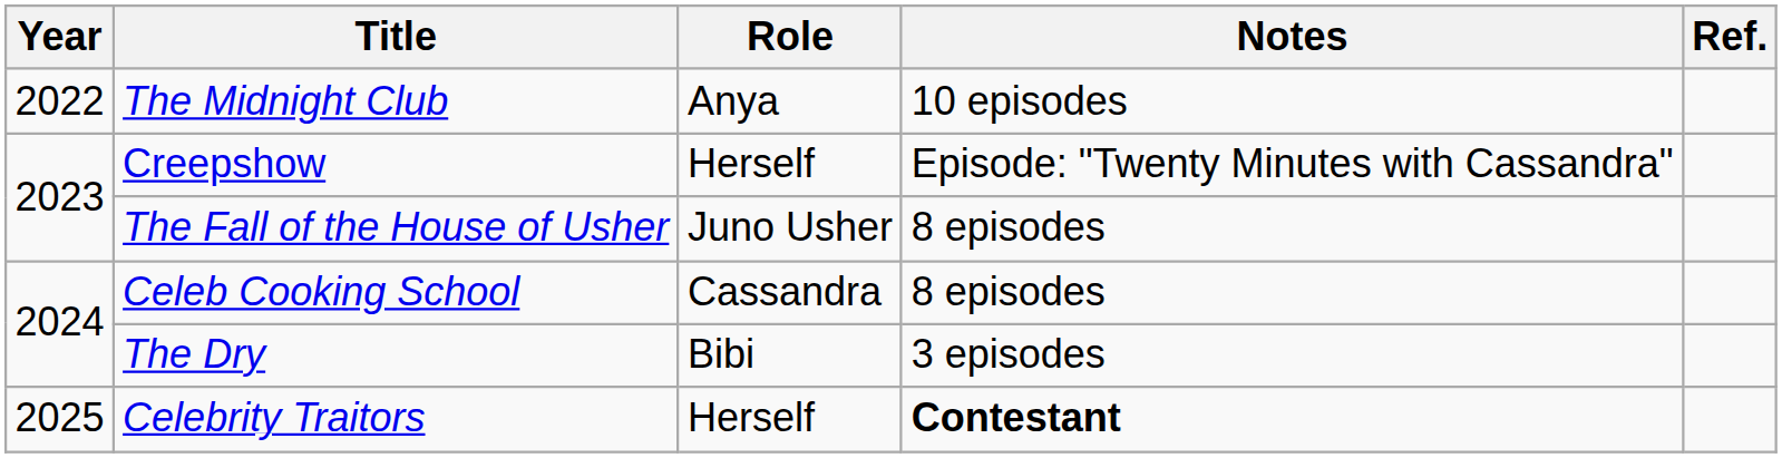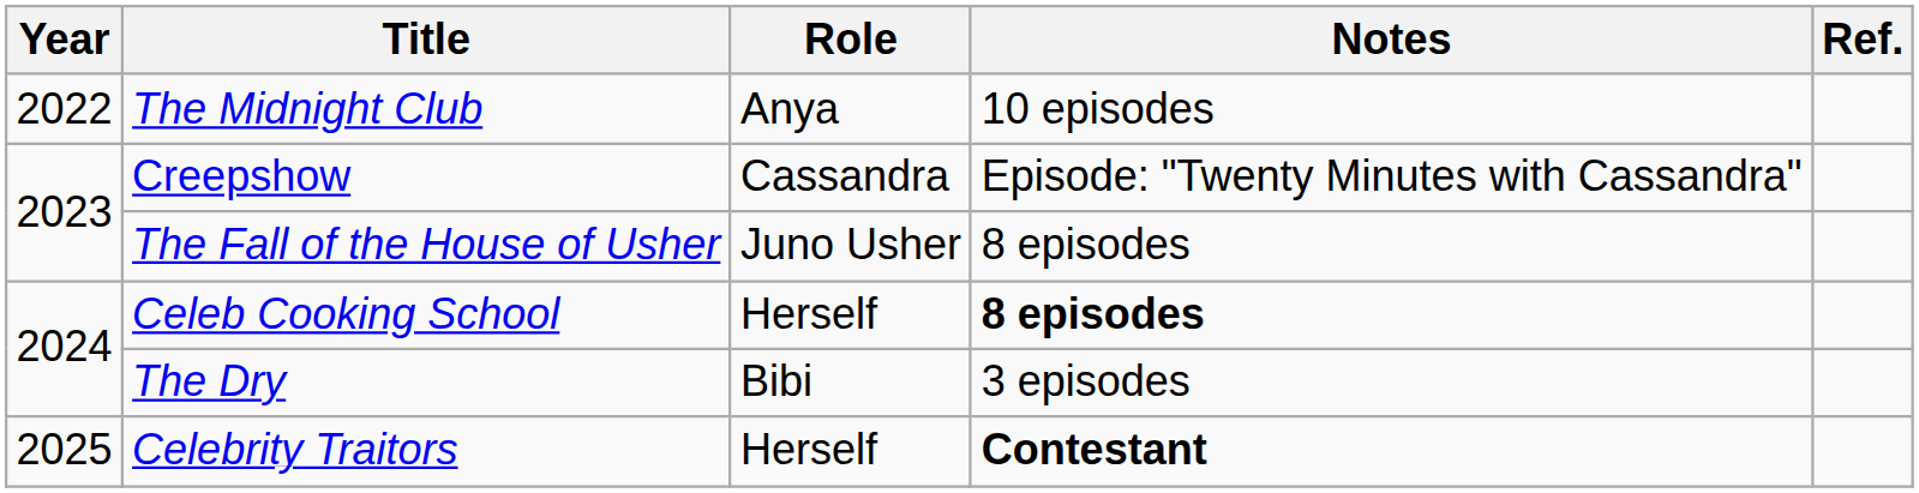 <table class="wikitable sortable">
 <tr>
 <th>Year</th>
 <th>Title</th>
 <th>Role</th>
 <th>Notes</th>
 <th class="unsortable">Ref.</th>
 </tr>
 <tr>
 <td>2022</td>
 <td><em><a href='#'>The Midnight Club</a></em></td>
 <td>Anya</td>
 <td>10 episodes</td>
 <td></td>
 </tr>
 <tr>
 <td rowspan="2">2023</td>
 <td><em><a href='#'></em>Creepshow<em></a></em></td>
-<td>Herself</td>
+<td>Cassandra</td>
 <td>Episode: "Twenty Minutes with Cassandra"</td>
 <td></td>
 </tr>
 <tr>
 <td><em><a href='#'>The Fall of the House of Usher</a></em></td>
 <td>Juno Usher</td>
 <td>8 episodes</td>
 <td></td>
 </tr>
 <tr>
 <td rowspan="2">2024</td>
 <td><em><a href='#'>Celeb Cooking School</a></em></td>
-<td>Cassandra</td>
-<td>8 episodes</td>
+<td>Herself</td>
+<td><strong>8 episodes</strong></td>
 <td></td>
 </tr>
 <tr>
 <td><em><a href='#'>The Dry</a></em></td>
 <td>Bibi</td>
 <td>3 episodes</td>
 <td></td>
 </tr>
 <tr>
 <td>2025</td>
 <td><em><a href='#'>Celebrity Traitors</a></em></td>
 <td>Herself</td>
 <td><strong>Contestant</strong></td>
 <td></td>
 </tr>
 </table>
